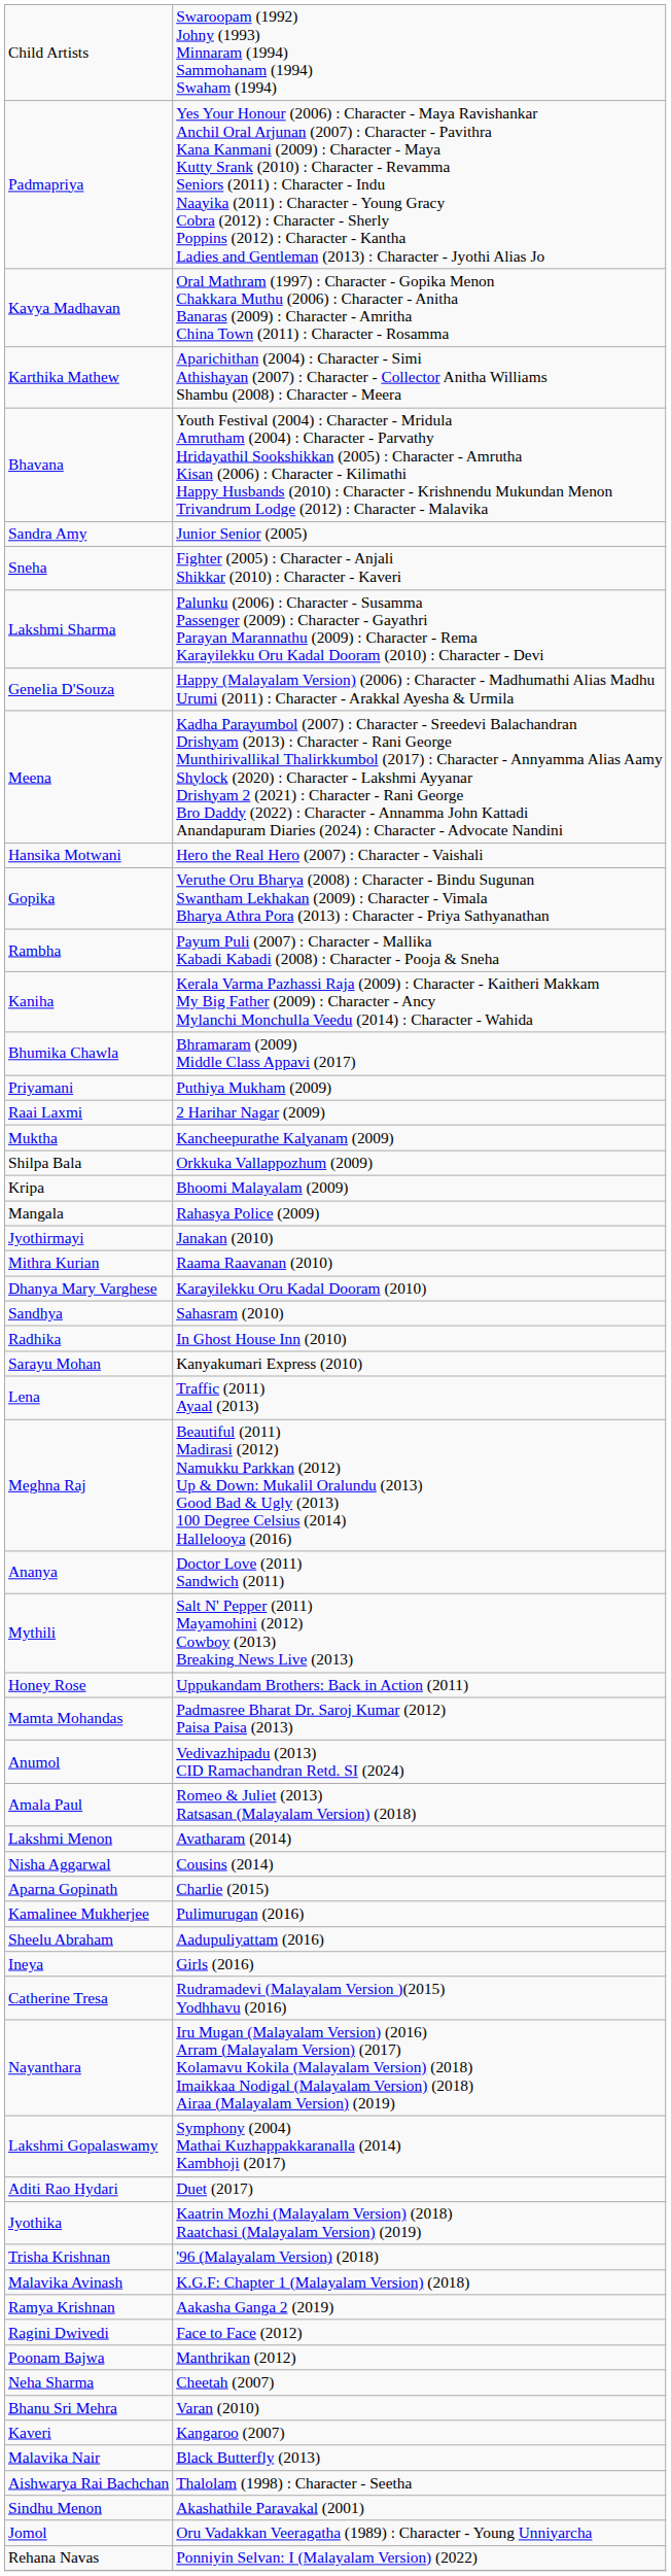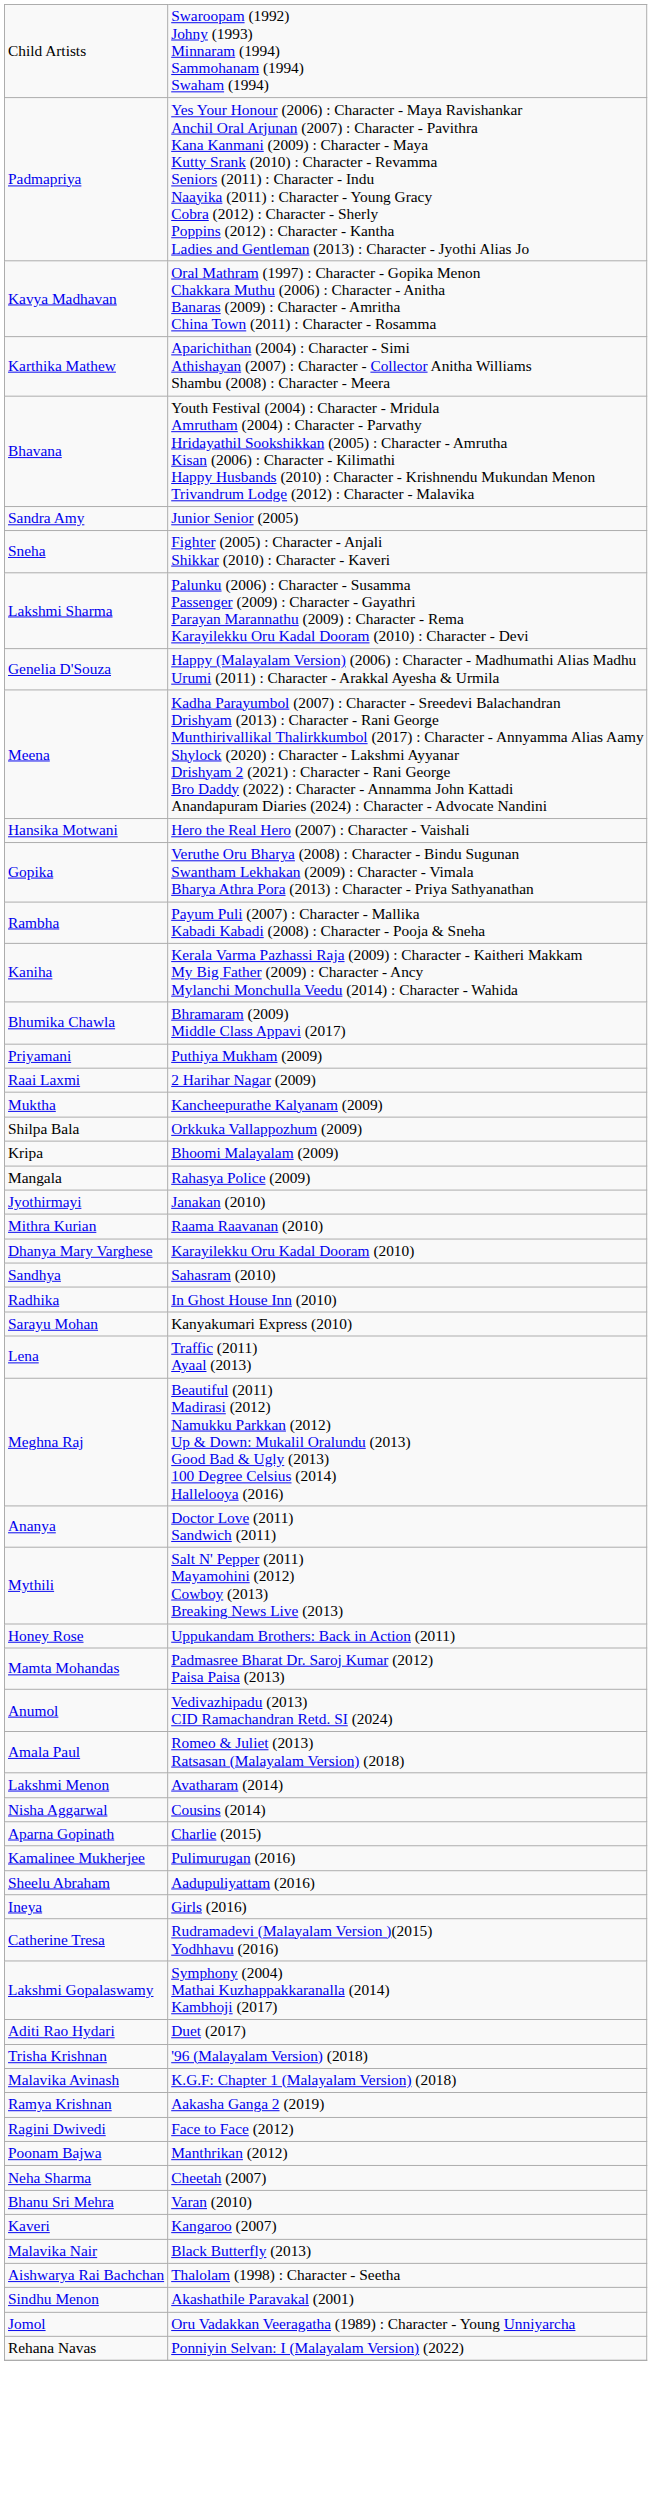 <table class="wikitable sortable" style="text-align:">
 <tr>
 <td>Child Artists</td>
 <td><a href='#'>Swaroopam</a> (1992) <br><a href='#'>Johny</a> (1993)<br><a href='#'>Minnaram</a> (1994)<br><a href='#'>Sammohanam</a> (1994)<br><a href='#'>Swaham</a> (1994)</td>
 </tr>
 <tr>
 <td><a href='#'>Padmapriya</a></td>
 <td><a href='#'>Yes Your Honour</a> (2006) : Character -  Maya Ravishankar <br><a href='#'>Anchil Oral Arjunan</a> (2007) : Character - Pavithra <br><a href='#'>Kana Kanmani</a> (2009) : Character - Maya <br><a href='#'>Kutty Srank</a> (2010) : Character - Revamma<br><a href='#'>Seniors</a> (2011) : Character - Indu <br><a href='#'>Naayika</a> (2011) : Character - Young Gracy <br><a href='#'>Cobra</a> (2012) : Character - Sherly <br><a href='#'>Poppins</a> (2012) : Character - Kantha <br><a href='#'>Ladies and Gentleman</a> (2013) : Character - Jyothi Alias Jo</td>
 </tr>
 <tr>
 <td><a href='#'>Kavya Madhavan</a></td>
 <td><a href='#'>Oral Mathram</a> (1997) : Character - Gopika Menon <br><a href='#'>Chakkara Muthu</a> (2006) : Character - Anitha <br><a href='#'>Banaras</a> (2009) : Character - Amritha <br><a href='#'>China Town</a> (2011) : Character - Rosamma</td>
 </tr>
 <tr>
 <td><a href='#'>Karthika Mathew</a></td>
 <td><a href='#'>Aparichithan</a> (2004) : Character - Simi <br><a href='#'>Athishayan</a> (2007) : Character - <a href='#'>Collector</a> Anitha Williams <br>Shambu (2008) : Character - Meera</td>
 </tr>
 <tr>
 <td><a href='#'>Bhavana</a></td>
 <td>Youth Festival (2004) : Character - Mridula <br><a href='#'>Amrutham</a> (2004) : Character - Parvathy <br><a href='#'>Hridayathil Sookshikkan</a> (2005) : Character - Amrutha <br><a href='#'>Kisan</a> (2006) : Character -  Kilimathi <br><a href='#'>Happy Husbands</a> (2010) : Character - Krishnendu Mukundan Menon <br><a href='#'>Trivandrum Lodge</a> (2012) : Character - Malavika</td>
 </tr>
 <tr>
 <td><a href='#'>Sandra Amy</a></td>
 <td><a href='#'>Junior Senior</a> (2005)</td>
 </tr>
 <tr>
 <td><a href='#'>Sneha</a></td>
 <td><a href='#'>Fighter</a> (2005) : Character - Anjali <br><a href='#'>Shikkar</a> (2010) : Character - Kaveri</td>
 </tr>
 <tr>
 <td><a href='#'>Lakshmi Sharma</a></td>
 <td><a href='#'>Palunku</a> (2006) : Character - Susamma <br><a href='#'>Passenger</a> (2009) : Character - Gayathri <br><a href='#'>Parayan Marannathu</a> (2009) : Character - Rema <br><a href='#'>Karayilekku Oru Kadal Dooram</a> (2010) : Character - Devi</td>
 </tr>
 <tr>
 <td><a href='#'>Genelia D'Souza</a></td>
 <td><a href='#'>Happy (Malayalam Version)</a> (2006) : Character - Madhumathi Alias Madhu <br><a href='#'>Urumi</a> (2011) : Character - Arakkal Ayesha & Urmila</td>
 </tr>
 <tr>
 <td><a href='#'>Meena</a></td>
 <td><a href='#'>Kadha Parayumbol</a> (2007) : Character - Sreedevi Balachandran <br><a href='#'>Drishyam</a> (2013) : Character - Rani George <br><a href='#'>Munthirivallikal Thalirkkumbol</a> (2017) : Character - Annyamma Alias Aamy <br><a href='#'>Shylock</a> (2020) : Character -  Lakshmi Ayyanar <br><a href='#'>Drishyam 2</a> (2021) : Character - Rani George <br><a href='#'>Bro Daddy</a> (2022) : Character - Annamma John Kattadi <br>Anandapuram Diaries (2024) : Character - Advocate Nandini</td>
 </tr>
 <tr>
 <td><a href='#'>Hansika Motwani</a></td>
 <td><a href='#'>Hero the Real Hero</a> (2007) : Character - Vaishali</td>
 </tr>
 <tr>
 <td><a href='#'>Gopika</a></td>
 <td><a href='#'>Veruthe Oru Bharya</a> (2008) : Character - Bindu Sugunan <br><a href='#'>Swantham Lekhakan</a> (2009) : Character - Vimala <br><a href='#'>Bharya Athra Pora</a> (2013) : Character - Priya Sathyanathan</td>
 </tr>
 <tr>
 <td><a href='#'>Rambha</a></td>
 <td><a href='#'>Payum Puli</a> (2007) : Character - Mallika <br><a href='#'>Kabadi Kabadi</a> (2008) : Character - Pooja & Sneha</td>
 </tr>
 <tr>
 <td><a href='#'>Kaniha</a></td>
 <td><a href='#'>Kerala Varma Pazhassi Raja</a> (2009) : Character - Kaitheri Makkam <br><a href='#'>My Big Father</a> (2009) : Character - Ancy <br><a href='#'>Mylanchi Monchulla Veedu</a> (2014) : Character - Wahida</td>
 </tr>
 <tr>
 <td><a href='#'>Bhumika Chawla</a></td>
 <td><a href='#'>Bhramaram</a> (2009)<br><a href='#'>Middle Class Appavi</a> (2017)</td>
 </tr>
 <tr>
 <td><a href='#'>Priyamani</a></td>
 <td><a href='#'>Puthiya Mukham</a> (2009)</td>
 </tr>
 <tr>
 <td><a href='#'>Raai Laxmi</a></td>
 <td><a href='#'>2 Harihar Nagar</a> (2009)</td>
 </tr>
 <tr>
 <td><a href='#'>Muktha</a></td>
 <td><a href='#'>Kancheepurathe Kalyanam</a> (2009)</td>
 </tr>
 <tr>
 <td>Shilpa Bala</td>
 <td><a href='#'>Orkkuka Vallappozhum</a> (2009)</td>
 </tr>
 <tr>
 <td>Kripa</td>
 <td><a href='#'>Bhoomi Malayalam</a> (2009)</td>
 </tr>
 <tr>
 <td>Mangala</td>
 <td><a href='#'>Rahasya Police</a> (2009)</td>
 </tr>
 <tr>
 <td><a href='#'>Jyothirmayi</a></td>
 <td><a href='#'>Janakan</a> (2010)</td>
 </tr>
 <tr>
 <td><a href='#'>Mithra Kurian</a></td>
 <td><a href='#'>Raama Raavanan</a> (2010)</td>
 </tr>
 <tr>
 <td><a href='#'>Dhanya Mary Varghese</a></td>
 <td><a href='#'>Karayilekku Oru Kadal Dooram</a> (2010)</td>
 </tr>
 <tr>
 <td><a href='#'>Sandhya</a></td>
 <td><a href='#'>Sahasram</a> (2010)</td>
 </tr>
 <tr>
 <td><a href='#'>Radhika</a></td>
 <td><a href='#'>In Ghost House Inn</a> (2010)</td>
 </tr>
 <tr>
 <td><a href='#'>Sarayu Mohan</a></td>
 <td>Kanyakumari Express (2010)</td>
 </tr>
 <tr>
 <td><a href='#'>Lena</a></td>
 <td><a href='#'>Traffic</a> (2011)<br><a href='#'>Ayaal</a> (2013)</td>
 </tr>
 <tr>
 <td><a href='#'>Meghna Raj</a></td>
 <td><a href='#'>Beautiful</a> (2011)<br><a href='#'>Madirasi</a> (2012)<br><a href='#'>Namukku Parkkan</a> (2012)<br><a href='#'>Up & Down: Mukalil Oralundu</a> (2013)<br><a href='#'>Good Bad & Ugly</a> (2013)<br><a href='#'>100 Degree Celsius</a> (2014)<br><a href='#'>Hallelooya</a> (2016)</td>
 </tr>
 <tr>
 <td><a href='#'>Ananya</a></td>
 <td><a href='#'>Doctor Love</a> (2011)<br><a href='#'>Sandwich</a> (2011)</td>
 </tr>
 <tr>
 <td><a href='#'>Mythili</a></td>
 <td><a href='#'>Salt N' Pepper</a> (2011)<br><a href='#'>Mayamohini</a> (2012)<br><a href='#'>Cowboy</a> (2013)<br><a href='#'>Breaking News Live</a> (2013)</td>
 </tr>
 <tr>
 <td><a href='#'>Honey Rose</a></td>
 <td><a href='#'>Uppukandam Brothers: Back in Action</a> (2011)</td>
 </tr>
 <tr>
 <td><a href='#'>Mamta Mohandas</a></td>
 <td><a href='#'>Padmasree Bharat Dr. Saroj Kumar</a> (2012)<br><a href='#'>Paisa Paisa</a> (2013)</td>
 </tr>
 <tr>
 <td><a href='#'>Anumol</a></td>
 <td><a href='#'>Vedivazhipadu</a> (2013)<br><a href='#'>CID Ramachandran Retd. SI</a> (2024)</td>
 </tr>
 <tr>
 <td><a href='#'>Amala Paul</a></td>
 <td><a href='#'>Romeo & Juliet</a> (2013)<br><a href='#'>Ratsasan (Malayalam Version)</a> (2018)</td>
 </tr>
 <tr>
 <td><a href='#'>Lakshmi Menon</a></td>
 <td><a href='#'>Avatharam</a> (2014)</td>
 </tr>
 <tr>
 <td><a href='#'>Nisha Aggarwal</a></td>
 <td><a href='#'>Cousins</a> (2014)</td>
 </tr>
 <tr>
 <td><a href='#'>Aparna Gopinath</a></td>
 <td><a href='#'>Charlie</a> (2015)</td>
 </tr>
 <tr>
 <td><a href='#'>Kamalinee Mukherjee</a></td>
 <td><a href='#'>Pulimurugan</a> (2016)</td>
 </tr>
 <tr>
 <td><a href='#'>Sheelu Abraham</a></td>
 <td><a href='#'>Aadupuliyattam</a> (2016)</td>
 </tr>
 <tr>
 <td><a href='#'>Ineya</a></td>
 <td><a href='#'>Girls</a> (2016)</td>
 </tr>
 <tr>
 <td><a href='#'>Catherine Tresa</a></td>
 <td><a href='#'>Rudramadevi (Malayalam Version )</a>(2015)<br><a href='#'>Yodhhavu</a> (2016)</td>
 </tr>
 <tr>
-<td><a href='#'>Nayanthara</a></td>
-<td><a href='#'>Iru Mugan (Malayalam Version)</a> (2016)<br><a href='#'>Arram (Malayalam Version)</a> (2017)<br><a href='#'>Kolamavu Kokila (Malayalam Version)</a> (2018)<br><a href='#'>Imaikkaa Nodigal (Malayalam Version)</a> (2018)<br><a href='#'>Airaa (Malayalam Version)</a> (2019)</td>
-</tr>
-<tr>
 <td><a href='#'>Lakshmi Gopalaswamy</a></td>
 <td><a href='#'>Symphony</a> (2004)<br><a href='#'>Mathai Kuzhappakkaranalla</a> (2014)<br><a href='#'>Kambhoji</a> (2017)</td>
 </tr>
 <tr>
 <td><a href='#'>Aditi Rao Hydari</a></td>
 <td><a href='#'>Duet</a> (2017)</td>
-</tr>
-<tr>
-<td><a href='#'>Jyothika</a></td>
-<td><a href='#'>Kaatrin Mozhi (Malayalam Version)</a> (2018)<br><a href='#'>Raatchasi (Malayalam Version)</a> (2019)</td>
 </tr>
 <tr>
 <td><a href='#'>Trisha Krishnan</a></td>
 <td><a href='#'>'96 (Malayalam Version)</a> (2018)</td>
 </tr>
 <tr>
 <td><a href='#'>Malavika Avinash</a></td>
 <td><a href='#'>K.G.F: Chapter 1 (Malayalam Version)</a> (2018)</td>
 </tr>
 <tr>
 <td><a href='#'>Ramya Krishnan</a></td>
 <td><a href='#'>Aakasha Ganga 2</a> (2019)</td>
 </tr>
 <tr>
 <td><a href='#'>Ragini Dwivedi</a></td>
 <td><a href='#'>Face to Face</a> (2012)</td>
 </tr>
 <tr>
 <td><a href='#'>Poonam Bajwa</a></td>
 <td><a href='#'>Manthrikan</a> (2012)</td>
 </tr>
 <tr>
 <td><a href='#'>Neha Sharma</a></td>
 <td><a href='#'>Cheetah</a> (2007)</td>
 </tr>
 <tr>
 <td><a href='#'>Bhanu Sri Mehra</a></td>
 <td><a href='#'>Varan</a> (2010)</td>
 </tr>
 <tr>
 <td><a href='#'>Kaveri</a></td>
 <td><a href='#'>Kangaroo</a> (2007)</td>
 </tr>
 <tr>
 <td><a href='#'>Malavika Nair</a></td>
 <td><a href='#'>Black Butterfly</a> (2013)</td>
 </tr>
 <tr>
 <td><a href='#'>Aishwarya Rai Bachchan</a></td>
 <td><a href='#'>Thalolam</a> (1998) : Character - Seetha</td>
 </tr>
 <tr>
 <td><a href='#'>Sindhu Menon</a></td>
 <td><a href='#'>Akashathile Paravakal</a> (2001)</td>
 </tr>
 <tr>
 <td><a href='#'>Jomol</a></td>
 <td><a href='#'>Oru Vadakkan Veeragatha</a> (1989) : Character - Young <a href='#'>Unniyarcha</a></td>
 </tr>
 <tr>
 <td>Rehana Navas</td>
 <td><a href='#'>Ponniyin Selvan: I (Malayalam Version)</a> (2022)</td>
 </tr>
 <tr>
 </tr>
 </table>
